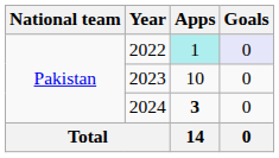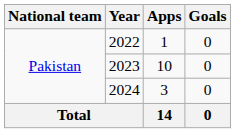 <table class="wikitable" style="text-align:center">
 <tr>
 <th>National team</th>
 <th>Year</th>
 <th>Apps</th>
 <th>Goals</th>
 </tr>
 <tr>
 <td rowspan="3"><a href='#'>Pakistan</a></td>
 <td>2022</td>
-<td style="background: paleturquoise;">1</td>
-<td style="background: lavender;">0</td>
+<td>1</td>
+<td>0</td>
 </tr>
 <tr>
 <td>2023</td>
 <td>10</td>
 <td>0</td>
 </tr>
 <tr>
 <td>2024</td>
-<td><strong>3</strong></td>
+<td>3</td>
 <td>0</td>
 </tr>
 <tr>
 <th colspan="2">Total</th>
 <th>14</th>
 <th>0</th>
 </tr>
 </table>
